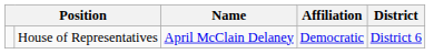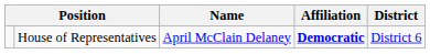 <table class=wikitable>
 <tr>
 <th colspan="2" style="text-align:center; vertical-align:bottom;">Position</th>
 <th style="text-align:center;">Name</th>
 <th valign=bottom>Affiliation</th>
 <th style="vertical-align:bottom; text-align:center;">District</th>
 </tr>
 <tr>
 <td style="background-color:"> </td>
 <td>House of Representatives</td>
 <td><a href='#'>April McClain Delaney</a></td>
-<td style="text-align:center;"><a href='#'>Democratic</a></td>
+<td style="text-align:center;"><strong><a href='#'>Democratic</a></strong></td>
 <td style="text-align:center;"><a href='#'>District 6</a></td>
 </tr>
 </table>
